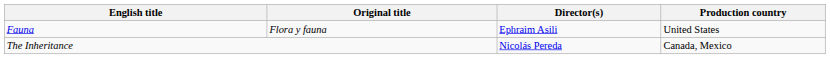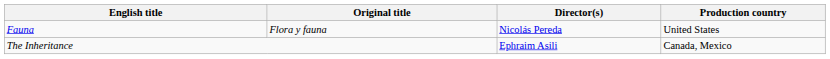 <table class="wikitable" width=100%>
 <tr>
 <th scope="col" width="32%">English title</th>
 <th scope="col" width="28%">Original title</th>
 <th scope="col" width="20%">Director(s)</th>
 <th scope="col" width="20%">Production country</th>
 </tr>
 <tr>
 <td><em><a href='#'>Fauna</a></em></td>
 <td><em>Flora y fauna</em></td>
-<td><a href='#'>Ephraim Asili</a></td>
+<td><a href='#'>Nicolás Pereda</a></td>
 <td>United States</td>
 </tr>
 <tr>
 <td colspan=2><em>The Inheritance</em></td>
-<td><a href='#'>Nicolás Pereda</a></td>
+<td><a href='#'>Ephraim Asili</a></td>
 <td>Canada, Mexico</td>
 </tr>
 </table>
